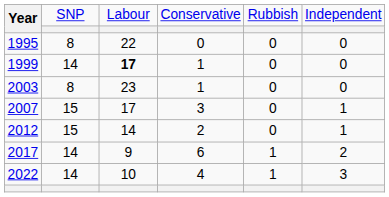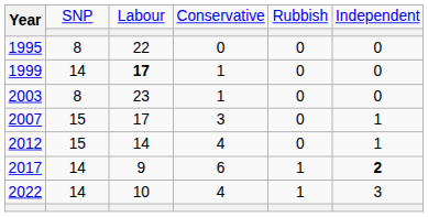 <table class=wikitable style=text-align:center>
 <tr>
 <th rowspan=2>Year</th>
 <td width="60"><a href='#'>SNP</a></td>
 <td width="60"><a href='#'>Labour</a></td>
 <td width="60"><a href='#'>Conservative</a></td>
 <td width="60"><a href='#'>Rubbish</a></td>
 <td width="60"><a href='#'>Independent</a></td>
 </tr>
 <tr>
 <th style="background-color: "></th>
 <th style="background-color: "></th>
 <th style="background-color: "></th>
 <th style="background-color: "></th>
 <th style="background-color: "></th>
 </tr>
 <tr>
 <td><a href='#'>1995</a></td>
 <td>8</td>
 <td>22</td>
 <td>0</td>
 <td>0</td>
 <td>0</td>
 </tr>
 <tr>
 <td><a href='#'>1999</a></td>
 <td>14</td>
 <td><strong>17</strong></td>
 <td>1</td>
 <td>0</td>
 <td>0</td>
 </tr>
 <tr>
 <td><a href='#'>2003</a></td>
 <td>8</td>
 <td>23</td>
 <td>1</td>
 <td>0</td>
 <td>0</td>
 </tr>
 <tr>
 <td><a href='#'>2007</a></td>
 <td>15</td>
 <td>17</td>
 <td>3</td>
 <td>0</td>
 <td>1</td>
 </tr>
 <tr>
 <td><a href='#'>2012</a></td>
 <td>15</td>
 <td>14</td>
-<td>2</td>
+<td>4</td>
 <td>0</td>
 <td>1</td>
 </tr>
 <tr>
 <td><a href='#'>2017</a></td>
 <td>14</td>
 <td>9</td>
 <td>6</td>
 <td>1</td>
-<td>2</td>
+<td><strong>2</strong></td>
 </tr>
 <tr>
 <td><a href='#'>2022</a></td>
 <td>14</td>
 <td>10</td>
 <td>4</td>
 <td>1</td>
 <td>3</td>
 </tr>
 <tr>
 <th></th>
 <th style="background-color: "></th>
 <th style="background-color: "></th>
 <th style="background-color: "></th>
 <th style="background-color: "></th>
 <th style="background-color: "></th>
 </tr>
 </table>
